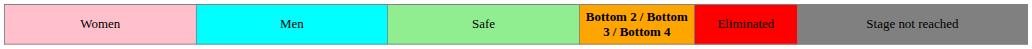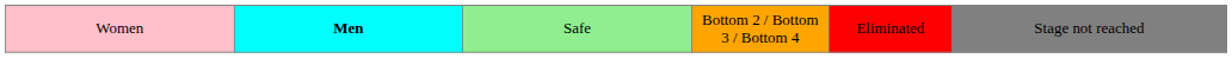 <table border="2" cellpadding="6" style="background:silver; border:1px solid gray; border-collapse:collapse; margin:1em auto; text-align:center;">
 <tr>
 </tr>
 <tr>
 <td style="background:pink;" width="10%">Women</td>
-<td style="background:cyan;" width="10%">Men</td>
+<td style="background:cyan;" width="10%"><strong>Men</strong></td>
 <td style="background:lightgreen;" width="10%">Safe</td>
-<td style="background:orange;" width="6%"><strong>Bottom 2 / Bottom 3 / Bottom 4</strong></td>
+<td style="background:orange;" width="6%">Bottom 2 / Bottom 3 / Bottom 4</td>
 <td style="background:red;" width="4%"><span>Eliminated</span></td>
 <td style="background:gray" width="12%"><span>Stage not reached</span></td>
 </tr>
 </table>
